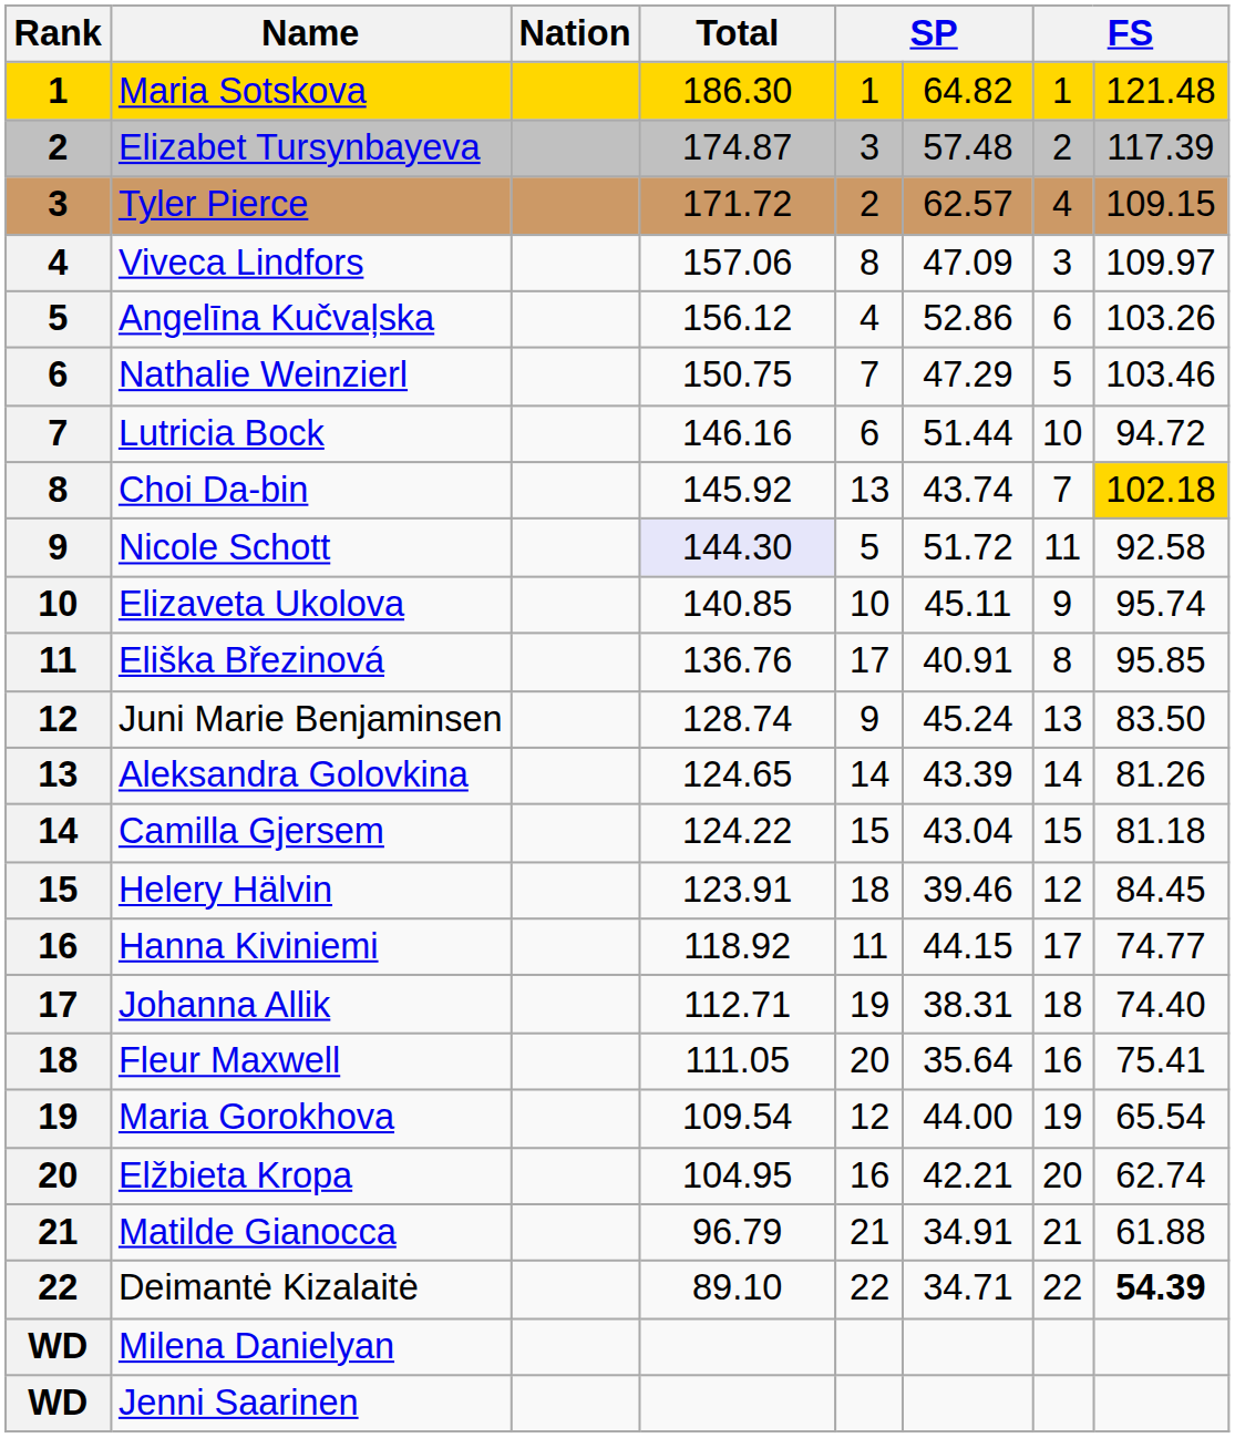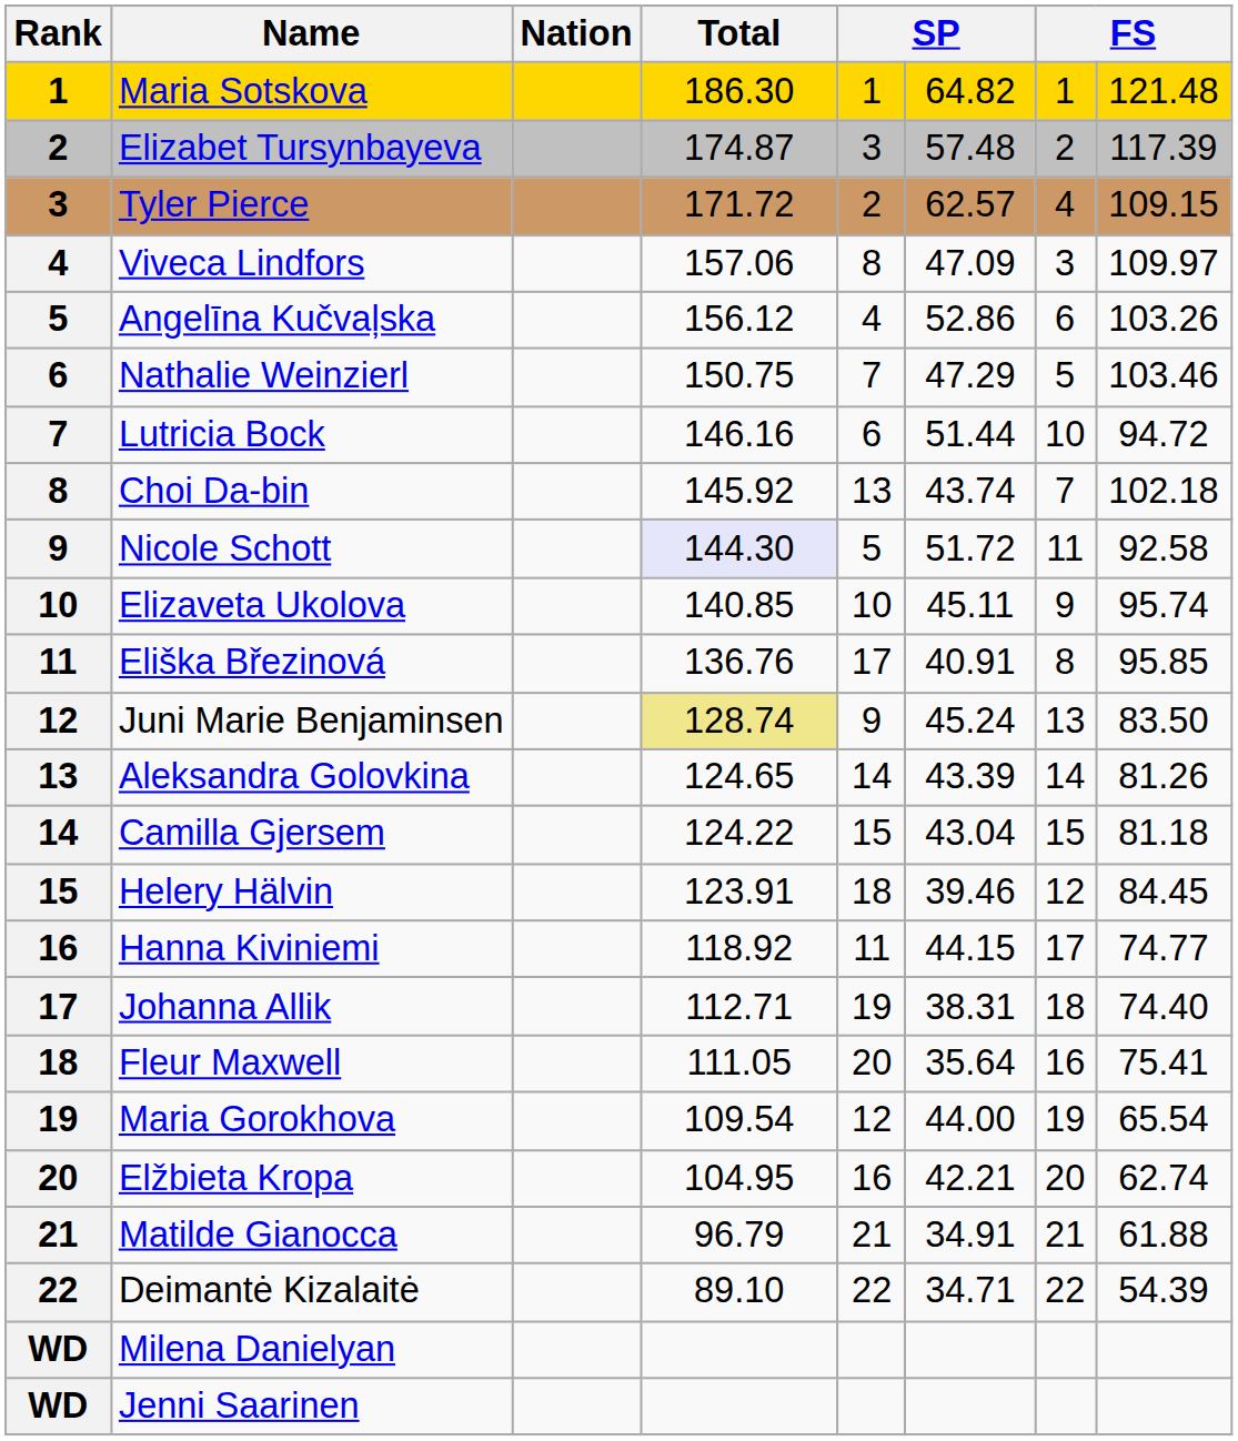 <table class="wikitable sortable">
 <tr>
 <th>Rank</th>
 <th>Name</th>
 <th>Nation</th>
 <th width="80px">Total</th>
 <th colspan="2" width="80px"><a href='#'>SP</a></th>
 <th colspan="2" width="80px"><a href='#'>FS</a></th>
 </tr>
 <tr bgcolor="gold">
 <td align="center"><strong>1</strong></td>
 <td><a href='#'>Maria Sotskova</a></td>
 <td></td>
 <td align="center">186.30</td>
 <td align="center">1</td>
 <td align="center">64.82</td>
 <td align="center">1</td>
 <td align="center">121.48</td>
 </tr>
 <tr bgcolor="silver">
 <td align="center"><strong>2</strong></td>
 <td><a href='#'>Elizabet Tursynbayeva</a></td>
 <td></td>
 <td align="center">174.87</td>
 <td align="center">3</td>
 <td align="center">57.48</td>
 <td align="center">2</td>
 <td align="center">117.39</td>
 </tr>
 <tr bgcolor="cc9966">
 <td align="center"><strong>3</strong></td>
 <td><a href='#'>Tyler Pierce</a></td>
 <td></td>
 <td align="center">171.72</td>
 <td align="center">2</td>
 <td align="center">62.57</td>
 <td align="center">4</td>
 <td align="center">109.15</td>
 </tr>
 <tr>
 <th>4</th>
 <td><a href='#'>Viveca Lindfors</a></td>
 <td></td>
 <td align="center">157.06</td>
 <td align="center">8</td>
 <td align="center">47.09</td>
 <td align="center">3</td>
 <td align="center">109.97</td>
 </tr>
 <tr>
 <th>5</th>
 <td><a href='#'>Angelīna Kučvaļska</a></td>
 <td></td>
 <td align="center">156.12</td>
 <td align="center">4</td>
 <td align="center">52.86</td>
 <td align="center">6</td>
 <td align="center">103.26</td>
 </tr>
 <tr>
 <th>6</th>
 <td><a href='#'>Nathalie Weinzierl</a></td>
 <td></td>
 <td align="center">150.75</td>
 <td align="center">7</td>
 <td align="center">47.29</td>
 <td align="center">5</td>
 <td align="center">103.46</td>
 </tr>
 <tr>
 <th>7</th>
 <td><a href='#'>Lutricia Bock</a></td>
 <td></td>
 <td align="center">146.16</td>
 <td align="center">6</td>
 <td align="center">51.44</td>
 <td align="center">10</td>
 <td align="center">94.72</td>
 </tr>
 <tr>
 <th>8</th>
 <td><a href='#'>Choi Da-bin</a></td>
 <td></td>
 <td align="center">145.92</td>
 <td align="center">13</td>
 <td align="center">43.74</td>
 <td align="center">7</td>
-<td align="center" style="background: gold;">102.18</td>
+<td align="center">102.18</td>
 </tr>
 <tr>
 <th>9</th>
 <td><a href='#'>Nicole Schott</a></td>
 <td></td>
 <td align="center" style="background: lavender;">144.30</td>
 <td align="center">5</td>
 <td align="center">51.72</td>
 <td align="center">11</td>
 <td align="center">92.58</td>
 </tr>
 <tr>
 <th>10</th>
 <td><a href='#'>Elizaveta Ukolova</a></td>
 <td></td>
 <td align="center">140.85</td>
 <td align="center">10</td>
 <td align="center">45.11</td>
 <td align="center">9</td>
 <td align="center">95.74</td>
 </tr>
 <tr>
 <th>11</th>
 <td><a href='#'>Eliška Březinová</a></td>
 <td></td>
 <td align="center">136.76</td>
 <td align="center">17</td>
 <td align="center">40.91</td>
 <td align="center">8</td>
 <td align="center">95.85</td>
 </tr>
 <tr>
 <th>12</th>
 <td>Juni Marie Benjaminsen</td>
 <td></td>
-<td align="center">128.74</td>
+<td align="center" style="background: khaki;">128.74</td>
 <td align="center">9</td>
 <td align="center">45.24</td>
 <td align="center">13</td>
 <td align="center">83.50</td>
 </tr>
 <tr>
 <th>13</th>
 <td><a href='#'>Aleksandra Golovkina</a></td>
 <td></td>
 <td align="center">124.65</td>
 <td align="center">14</td>
 <td align="center">43.39</td>
 <td align="center">14</td>
 <td align="center">81.26</td>
 </tr>
 <tr>
 <th>14</th>
 <td><a href='#'>Camilla Gjersem</a></td>
 <td></td>
 <td align="center">124.22</td>
 <td align="center">15</td>
 <td align="center">43.04</td>
 <td align="center">15</td>
 <td align="center">81.18</td>
 </tr>
 <tr>
 <th>15</th>
 <td><a href='#'>Helery Hälvin</a></td>
 <td></td>
 <td align="center">123.91</td>
 <td align="center">18</td>
 <td align="center">39.46</td>
 <td align="center">12</td>
 <td align="center">84.45</td>
 </tr>
 <tr>
 <th>16</th>
 <td><a href='#'>Hanna Kiviniemi</a></td>
 <td></td>
 <td align="center">118.92</td>
 <td align="center">11</td>
 <td align="center">44.15</td>
 <td align="center">17</td>
 <td align="center">74.77</td>
 </tr>
 <tr>
 <th>17</th>
 <td><a href='#'>Johanna Allik</a></td>
 <td></td>
 <td align="center">112.71</td>
 <td align="center">19</td>
 <td align="center">38.31</td>
 <td align="center">18</td>
 <td align="center">74.40</td>
 </tr>
 <tr>
 <th>18</th>
 <td><a href='#'>Fleur Maxwell</a></td>
 <td></td>
 <td align="center">111.05</td>
 <td align="center">20</td>
 <td align="center">35.64</td>
 <td align="center">16</td>
 <td align="center">75.41</td>
 </tr>
 <tr>
 <th>19</th>
 <td><a href='#'>Maria Gorokhova</a></td>
 <td></td>
 <td align="center">109.54</td>
 <td align="center">12</td>
 <td align="center">44.00</td>
 <td align="center">19</td>
 <td align="center">65.54</td>
 </tr>
 <tr>
 <th>20</th>
 <td><a href='#'>Elžbieta Kropa</a></td>
 <td></td>
 <td align="center">104.95</td>
 <td align="center">16</td>
 <td align="center">42.21</td>
 <td align="center">20</td>
 <td align="center">62.74</td>
 </tr>
 <tr>
 <th>21</th>
 <td><a href='#'>Matilde Gianocca</a></td>
 <td></td>
 <td align="center">96.79</td>
 <td align="center">21</td>
 <td align="center">34.91</td>
 <td align="center">21</td>
 <td align="center">61.88</td>
 </tr>
 <tr>
 <th>22</th>
 <td>Deimantė Kizalaitė</td>
 <td></td>
 <td align="center">89.10</td>
 <td align="center">22</td>
 <td align="center">34.71</td>
 <td align="center">22</td>
-<td align="center"><strong>54.39</strong></td>
+<td align="center">54.39</td>
 </tr>
 <tr>
 <th>WD</th>
 <td><a href='#'>Milena Danielyan</a></td>
 <td></td>
 <td align="center"></td>
 <td align="center"></td>
 <td align="center"></td>
 <td align="center"></td>
 <td align="center"></td>
 </tr>
 <tr>
 <th>WD</th>
 <td><a href='#'>Jenni Saarinen</a></td>
 <td></td>
 <td align="center"></td>
 <td align="center"></td>
 <td align="center"></td>
 <td align="center"></td>
 <td align="center"></td>
 </tr>
 </table>
